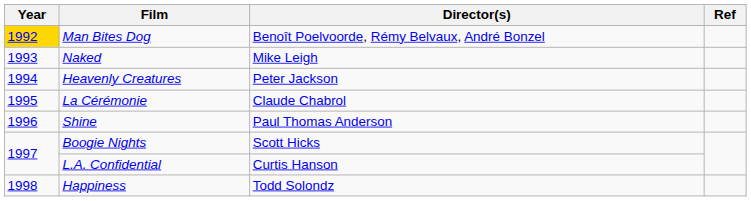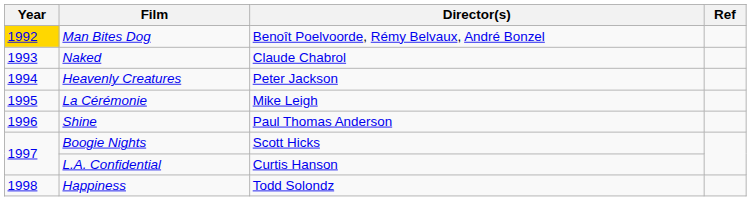 <table class = "wikitable sortable" width=100%>
 <tr>
 <th>Year</th>
 <th>Film</th>
 <th>Director(s)</th>
 <th>Ref</th>
 </tr>
 <tr>
 <td style="background: gold;"><a href='#'>1992</a></td>
 <td><em><a href='#'>Man Bites Dog</a></em></td>
 <td><a href='#'>Benoît Poelvoorde</a>, <a href='#'>Rémy Belvaux</a>, <a href='#'>André Bonzel</a></td>
 <td></td>
 </tr>
 <tr>
 <td><a href='#'>1993</a></td>
 <td><em><a href='#'>Naked</a></em></td>
-<td><a href='#'>Mike Leigh</a></td>
+<td><a href='#'>Claude Chabrol</a></td>
 <td></td>
 </tr>
 <tr>
 <td><a href='#'>1994</a></td>
 <td><em><a href='#'>Heavenly Creatures</a></em></td>
 <td><a href='#'>Peter Jackson</a></td>
 <td></td>
 </tr>
 <tr>
 <td><a href='#'>1995</a></td>
 <td><em><a href='#'>La Cérémonie</a></em></td>
-<td><a href='#'>Claude Chabrol</a></td>
+<td><a href='#'>Mike Leigh</a></td>
 <td></td>
 </tr>
 <tr>
 <td><a href='#'>1996</a></td>
 <td><em><a href='#'>Shine</a></em></td>
 <td><a href='#'>Paul Thomas Anderson</a></td>
 <td></td>
 </tr>
 <tr>
 <td rowspan=2><a href='#'>1997</a></td>
 <td><em><a href='#'>Boogie Nights</a></em></td>
 <td><a href='#'>Scott Hicks</a></td>
 <td rowspan=2></td>
 </tr>
 <tr>
 <td><em><a href='#'>L.A. Confidential</a></em></td>
 <td><a href='#'>Curtis Hanson</a></td>
 </tr>
 <tr>
 <td><a href='#'>1998</a></td>
 <td><em><a href='#'>Happiness</a></em></td>
 <td><a href='#'>Todd Solondz</a></td>
 <td></td>
 </tr>
 </table>
